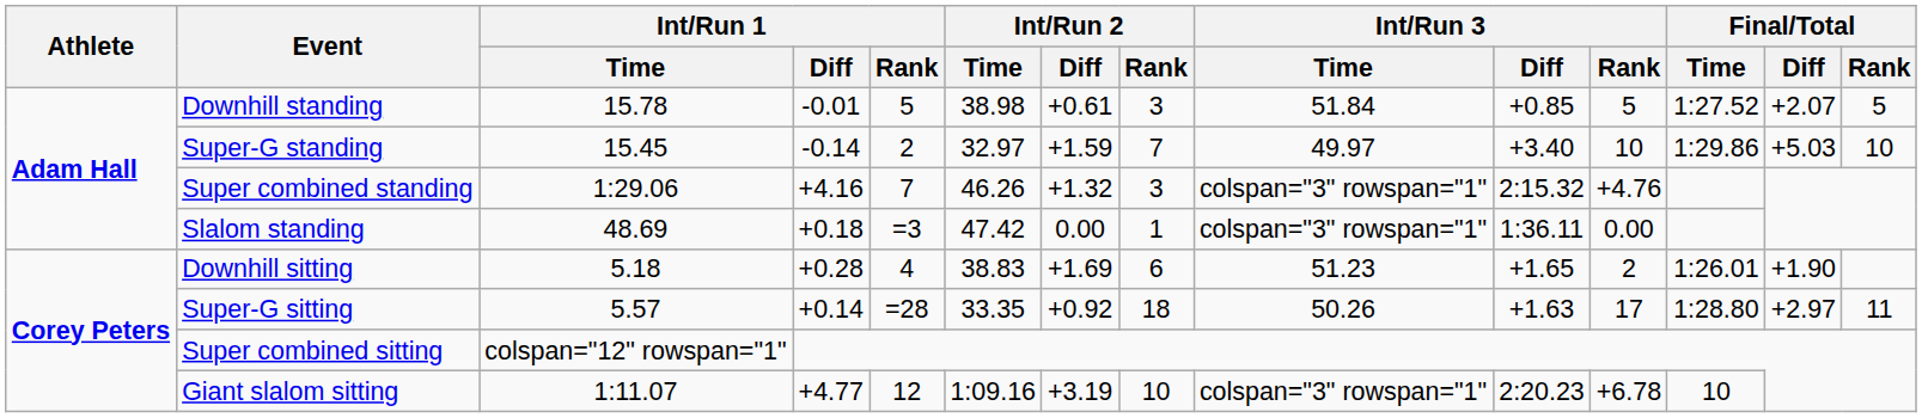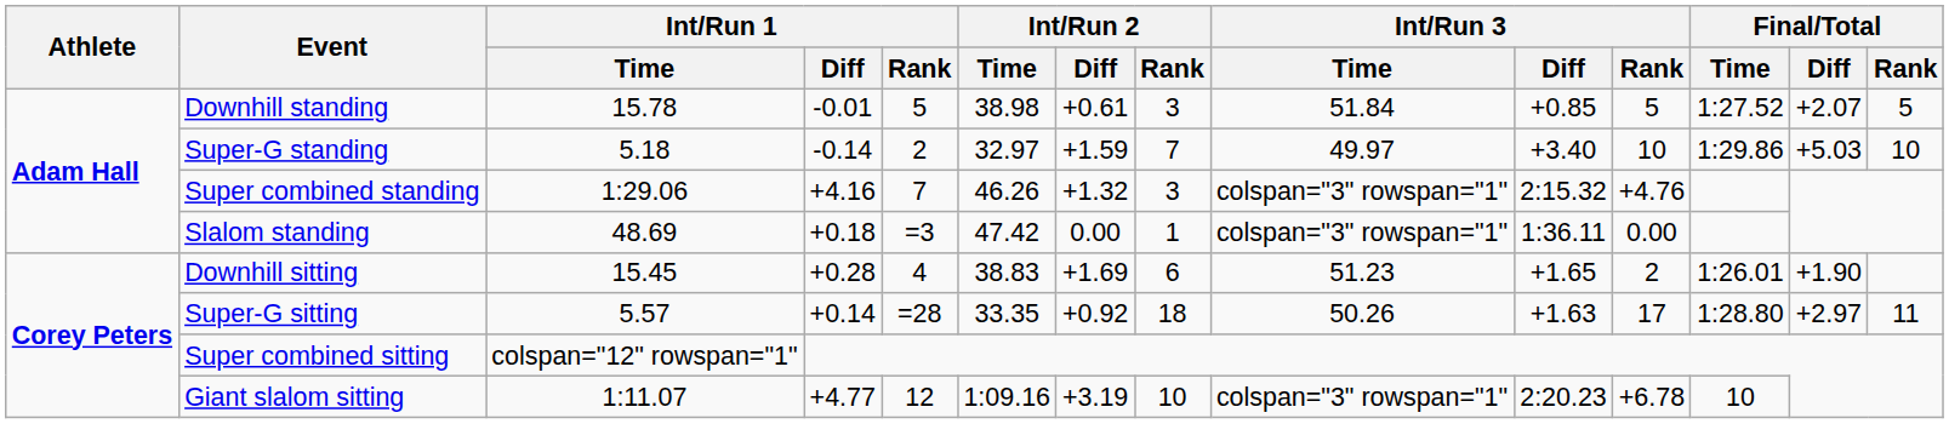 <table class="wikitable" style="font-size:90%">
 <tr>
 <th rowspan="2">Athlete</th>
 <th rowspan="2">Event</th>
 <th colspan="3">Int/Run 1</th>
 <th colspan="3">Int/Run 2</th>
 <th colspan="3">Int/Run 3</th>
 <th colspan="3">Final/Total</th>
 </tr>
 <tr>
 <th>Time</th>
 <th>Diff</th>
 <th>Rank</th>
 <th>Time</th>
 <th>Diff</th>
 <th>Rank</th>
 <th>Time</th>
 <th>Diff</th>
 <th>Rank</th>
 <th>Time</th>
 <th>Diff</th>
 <th>Rank</th>
 </tr>
 <tr>
 <td rowspan=4><strong><a href='#'>Adam Hall</a></strong></td>
 <td><a href='#'>Downhill standing</a></td>
 <td align="center">15.78</td>
 <td align="center">-0.01</td>
 <td align="center">5</td>
 <td align="center">38.98</td>
 <td align="center">+0.61</td>
 <td align="center">3</td>
 <td align="center">51.84</td>
 <td align="center">+0.85</td>
 <td align="center">5</td>
 <td align="center">1:27.52</td>
 <td align="center">+2.07</td>
 <td align="center">5</td>
 </tr>
 <tr>
 <td><a href='#'>Super-G standing</a></td>
-<td align="center">15.45</td>
+<td align="center">5.18</td>
 <td align="center">-0.14</td>
 <td align="center">2</td>
 <td align="center">32.97</td>
 <td align="center">+1.59</td>
 <td align="center">7</td>
 <td align="center">49.97</td>
 <td align="center">+3.40</td>
 <td align="center">10</td>
 <td align="center">1:29.86</td>
 <td align="center">+5.03</td>
 <td align="center">10</td>
 </tr>
 <tr>
 <td><a href='#'>Super combined standing</a></td>
 <td align="center">1:29.06</td>
 <td align="center">+4.16</td>
 <td align="center">7</td>
 <td align="center">46.26</td>
 <td align="center">+1.32</td>
 <td align="center">3</td>
 <td>colspan="3" rowspan="1"</td>
 <td align="center">2:15.32</td>
 <td align="center">+4.76</td>
 <td align="center"></td>
 </tr>
 <tr>
 <td><a href='#'>Slalom standing</a></td>
 <td align="center">48.69</td>
 <td align="center">+0.18</td>
 <td align="center">=3</td>
 <td align="center">47.42</td>
 <td align="center">0.00</td>
 <td align="center">1</td>
 <td>colspan="3" rowspan="1"</td>
 <td align="center">1:36.11</td>
 <td align="center">0.00</td>
 <td align="center"></td>
 </tr>
 <tr>
 <td rowspan=4><strong><a href='#'>Corey Peters</a></strong></td>
 <td><a href='#'>Downhill sitting</a></td>
-<td align="center">5.18</td>
+<td align="center">15.45</td>
 <td align="center">+0.28</td>
 <td align="center">4</td>
 <td align="center">38.83</td>
 <td align="center">+1.69</td>
 <td align="center">6</td>
 <td align="center">51.23</td>
 <td align="center">+1.65</td>
 <td align="center">2</td>
 <td align="center">1:26.01</td>
 <td align="center">+1.90</td>
 <td align="center"></td>
 </tr>
 <tr>
 <td><a href='#'>Super-G sitting</a></td>
 <td align="center">5.57</td>
 <td align="center">+0.14</td>
 <td align="center">=28</td>
 <td align="center">33.35</td>
 <td align="center">+0.92</td>
 <td align="center">18</td>
 <td align="center">50.26</td>
 <td align="center">+1.63</td>
 <td align="center">17</td>
 <td align="center">1:28.80</td>
 <td align="center">+2.97</td>
 <td align="center">11</td>
 </tr>
 <tr>
 <td><a href='#'>Super combined sitting</a></td>
 <td>colspan="12" rowspan="1"</td>
 </tr>
 <tr>
 <td><a href='#'>Giant slalom sitting</a></td>
 <td align="center">1:11.07</td>
 <td align="center">+4.77</td>
 <td align="center">12</td>
 <td align="center">1:09.16</td>
 <td align="center">+3.19</td>
 <td align="center">10</td>
 <td>colspan="3" rowspan="1"</td>
 <td align="center">2:20.23</td>
 <td align="center">+6.78</td>
 <td align="center">10</td>
 </tr>
 </table>
